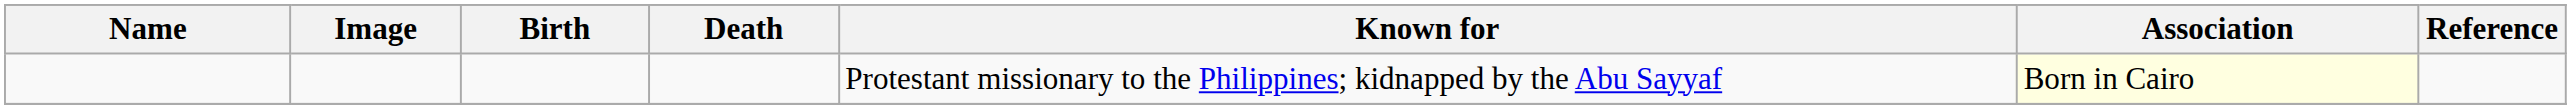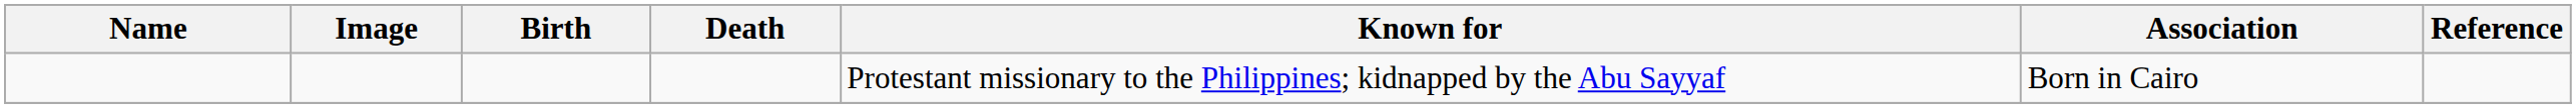 <table class="wikitable sortable">
 <tr>
 <th scope="col" width="140">Name</th>
 <th scope="col" width="80" class="unsortable">Image</th>
 <th scope="col" width="90">Birth</th>
 <th scope="col" width="90">Death</th>
 <th scope="col" width="600" class="unsortable">Known for</th>
 <th scope="col" width="200" class="unsortable">Association</th>
 <th scope="col" width="30" class="unsortable">Reference</th>
 </tr>
 <tr>
 <td></td>
 <td></td>
 <td align=right></td>
 <td align=right></td>
 <td>Protestant missionary to the <a href='#'>Philippines</a>; kidnapped by the <a href='#'>Abu Sayyaf</a></td>
-<td style="background: lightyellow;">Born in Cairo</td>
+<td>Born in Cairo</td>
 <td align="center"></td>
 </tr>
 <tr>
 </tr>
 </table>
